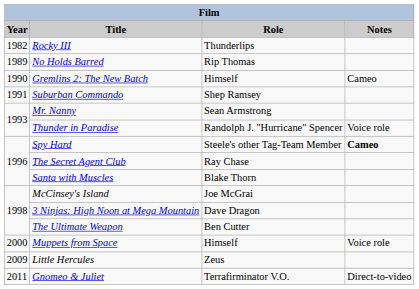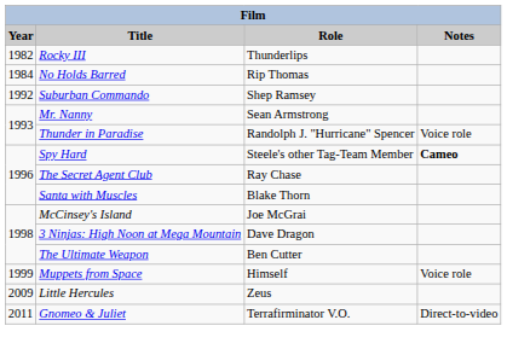 <table class="wikitable sortable">
 <tr style="text-align:center;">
 <th colspan=4 style="background:#B0C4DE;">Film</th>
 </tr>
 <tr style="text-align:center;">
 <th style="background:#ccc;">Year</th>
 <th style="background:#ccc;">Title</th>
 <th style="background:#ccc;">Role</th>
 <th style="background:#ccc;">Notes</th>
 </tr>
 <tr>
 <td>1982</td>
 <td><em><a href='#'>Rocky III</a></em></td>
 <td>Thunderlips</td>
 <td></td>
 </tr>
 <tr>
-<td>1989</td>
+<td>1984</td>
 <td><em><a href='#'>No Holds Barred</a></em></td>
 <td>Rip Thomas</td>
 <td></td>
 </tr>
 <tr>
-<td>1990</td>
-<td><em><a href='#'>Gremlins 2: The New Batch</a></em></td>
-<td>Himself</td>
-<td>Cameo</td>
-</tr>
-<tr>
-<td>1991</td>
+<td>1992</td>
 <td><em><a href='#'>Suburban Commando</a></em></td>
 <td>Shep Ramsey</td>
 <td></td>
 </tr>
 <tr>
 <td rowspan="2">1993</td>
 <td><em><a href='#'>Mr. Nanny</a></em></td>
 <td>Sean Armstrong</td>
 <td></td>
 </tr>
 <tr>
 <td><em><a href='#'>Thunder in Paradise</a></em></td>
 <td>Randolph J. "Hurricane" Spencer</td>
 <td>Voice role</td>
 </tr>
 <tr>
 <td rowspan="3">1996</td>
 <td><em><a href='#'>Spy Hard</a></em></td>
 <td>Steele's other Tag-Team Member</td>
 <td><strong>Cameo</strong></td>
 </tr>
 <tr>
 <td><em><a href='#'>The Secret Agent Club</a></em></td>
 <td>Ray Chase</td>
 <td></td>
 </tr>
 <tr>
 <td><em><a href='#'>Santa with Muscles</a></em></td>
 <td>Blake Thorn</td>
 <td></td>
 </tr>
 <tr>
 <td rowspan="3">1998</td>
 <td><em>McCinsey's Island</em></td>
 <td>Joe McGrai</td>
 <td></td>
 </tr>
 <tr>
 <td><em><a href='#'>3 Ninjas: High Noon at Mega Mountain</a></em></td>
 <td>Dave Dragon</td>
 <td></td>
 </tr>
 <tr>
 <td><em><a href='#'>The Ultimate Weapon</a></em></td>
 <td>Ben Cutter</td>
 <td></td>
 </tr>
 <tr>
-<td>2000</td>
+<td>1999</td>
 <td><em><a href='#'>Muppets from Space</a></em></td>
 <td>Himself</td>
 <td>Voice role</td>
 </tr>
 <tr>
 <td>2009</td>
 <td><em>Little Hercules</em></td>
 <td>Zeus</td>
 <td></td>
 </tr>
 <tr>
 <td>2011</td>
 <td><em><a href='#'>Gnomeo & Juliet</a></em></td>
 <td>Terrafirminator V.O.</td>
 <td>Direct-to-video</td>
 </tr>
 </table>
